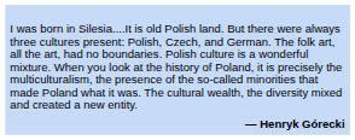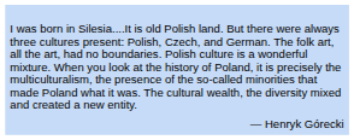 <table class="toccolours" style="float: right; margin-left: 1em; margin-right: 2em; font-size: 85%; background:#c6dbf7; color:black; width:30em; max-width: 40%;" cellspacing="5">
 <tr>
 <td style="text-align: left;"><br>I was born in Silesia....It is old Polish land. But there were always three cultures present: Polish, Czech, and German. The folk art, all the art, had no boundaries. Polish culture is a wonderful mixture. When you look at the history of Poland, it is precisely the multiculturalism, the presence of the so-called minorities that made Poland what it was. The cultural wealth, the diversity mixed and created a new entity.</td>
 </tr>
 <tr>
-<td style="text-align: right;"><strong>— Henryk Górecki</strong></td>
+<td style="text-align: right;">— Henryk Górecki</td>
 </tr>
 </table>
